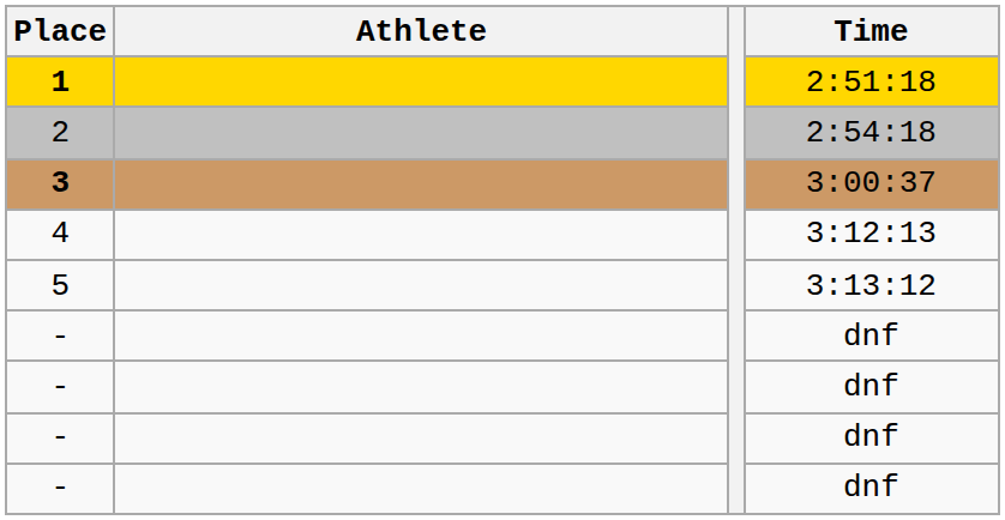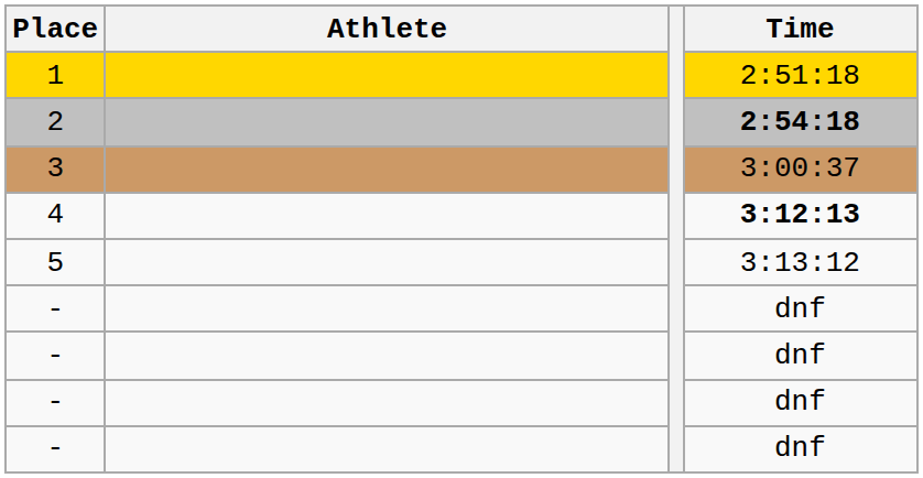 <table class="wikitable" style="text-align:center">
 <tr>
 <th>Place</th>
 <th width=250>Athlete</th>
 <th rowspan=27></th>
 <th width=100>Time</th>
 </tr>
 <tr bgcolor=gold>
-<td><strong>1</strong></td>
+<td>1</td>
 <td align=left></td>
 <td>2:51:18</td>
 </tr>
 <tr bgcolor=silver>
 <td>2</td>
 <td align=left></td>
-<td>2:54:18</td>
+<td><strong>2:54:18</strong></td>
 </tr>
 <tr bgcolor=cc9966>
-<td><strong>3</strong></td>
+<td>3</td>
 <td align=left></td>
 <td>3:00:37</td>
 </tr>
 <tr>
 <td>4</td>
 <td align=left></td>
-<td>3:12:13</td>
+<td><strong>3:12:13</strong></td>
 </tr>
 <tr>
 <td>5</td>
 <td align=left></td>
 <td>3:13:12</td>
 </tr>
 <tr>
 <td>-</td>
 <td align=left></td>
 <td>dnf</td>
 </tr>
 <tr>
 <td>-</td>
 <td align=left></td>
 <td>dnf</td>
 </tr>
 <tr>
 <td>-</td>
 <td align=left></td>
 <td>dnf</td>
 </tr>
 <tr>
 <td>-</td>
 <td align=left></td>
 <td>dnf</td>
 </tr>
 <tr>
 </tr>
 </table>
